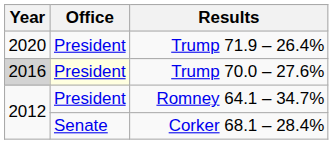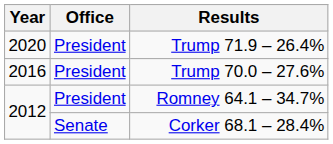 <table class=wikitable>
 <tr>
 <th width="30">Year</th>
 <th width="60">Office</th>
 <th width="180">Results</th>
 </tr>
 <tr>
 <td>2020</td>
 <td><a href='#'>President</a></td>
 <td align="right" ><a href='#'>Trump</a> 71.9 – 26.4%</td>
 </tr>
 <tr>
-<td style="background: lightgrey;">2016</td>
-<td style="background: lightyellow;"><a href='#'>President</a></td>
+<td>2016</td>
+<td><a href='#'>President</a></td>
 <td align="right" ><a href='#'>Trump</a> 70.0 – 27.6%</td>
 </tr>
 <tr>
 <td rowspan="2">2012</td>
 <td><a href='#'>President</a></td>
 <td align="right" ><a href='#'>Romney</a> 64.1 – 34.7%</td>
 </tr>
 <tr>
 <td><a href='#'>Senate</a></td>
 <td align="right" ><a href='#'>Corker</a> 68.1 – 28.4%</td>
 </tr>
 </table>
